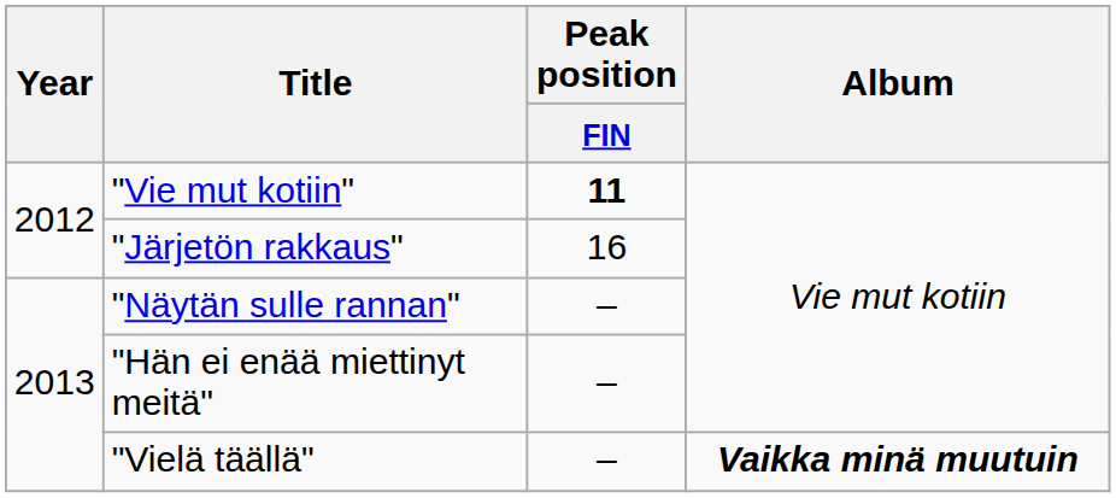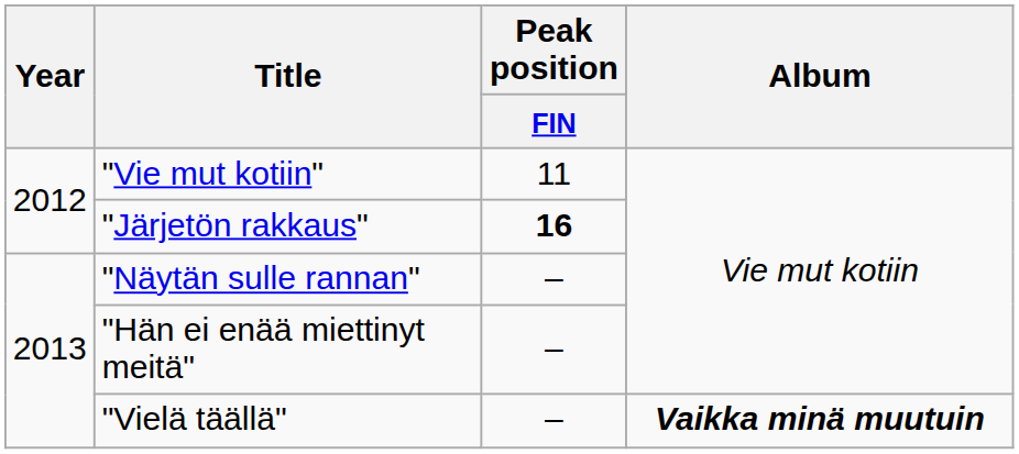 <table class="wikitable">
 <tr>
 <th align="center" rowspan="2">Year</th>
 <th align="center" rowspan="2" width="180">Title</th>
 <th align="center" colspan="1">Peak position</th>
 <th align="center" rowspan="2" width="180">Album</th>
 </tr>
 <tr>
 <th width="20"><small><a href='#'>FIN</a></small><br></th>
 </tr>
 <tr>
 <td align="center" rowspan=2>2012</td>
 <td>"<a href='#'>Vie mut kotiin</a>"</td>
-<td align="center"><strong>11</strong></td>
+<td align="center">11</td>
 <td align="center" rowspan=4><em>Vie mut kotiin</em></td>
 </tr>
 <tr>
 <td>"<a href='#'>Järjetön rakkaus</a>"</td>
-<td align="center">16</td>
+<td align="center"><strong>16</strong></td>
 </tr>
 <tr>
 <td align="center" rowspan=3>2013</td>
 <td>"<a href='#'>Näytän sulle rannan</a>"</td>
 <td align="center">–</td>
 </tr>
 <tr>
 <td>"Hän ei enää miettinyt meitä"</td>
 <td align="center">–</td>
 </tr>
 <tr>
 <td>"Vielä täällä"</td>
 <td align="center">–</td>
 <td align="center" rowspan=1><strong><em>Vaikka minä muutuin</em></strong></td>
 </tr>
 </table>
